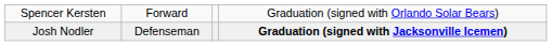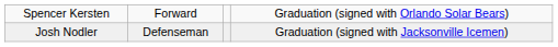 <table class="wikitable" width="60%">
 <tr align="center" bgcolor="">
 <td>Spencer Kersten</td>
 <td>Forward</td>
 <td></td>
 <td>Graduation (signed with <a href='#'>Orlando Solar Bears</a>)</td>
 </tr>
 <tr align="center" bgcolor="f0f0f0">
 <td>Josh Nodler</td>
 <td>Defenseman</td>
 <td></td>
-<td><strong>Graduation (signed with <a href='#'>Jacksonville Icemen</a>)</strong></td>
+<td>Graduation (signed with <a href='#'>Jacksonville Icemen</a>)</td>
 </tr>
 </table>
